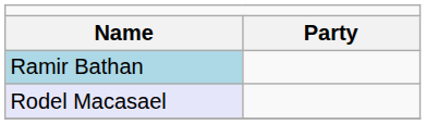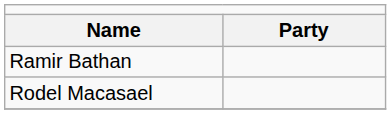 <table class=wikitable style="font-size:90%">
 <tr>
 <td colspan=4 bgcolor=></td>
 </tr>
 <tr>
 <th width=150px>Name</th>
 <th colspan=2 width=110px>Party</th>
 </tr>
 <tr>
-<td style="background: lightblue;">Ramir Bathan</td>
+<td>Ramir Bathan</td>
 <td></td>
 </tr>
 <tr>
-<td style="background: lavender;">Rodel Macasael</td>
+<td>Rodel Macasael</td>
 <td></td>
 </tr>
 <tr>
 </tr>
 </table>
